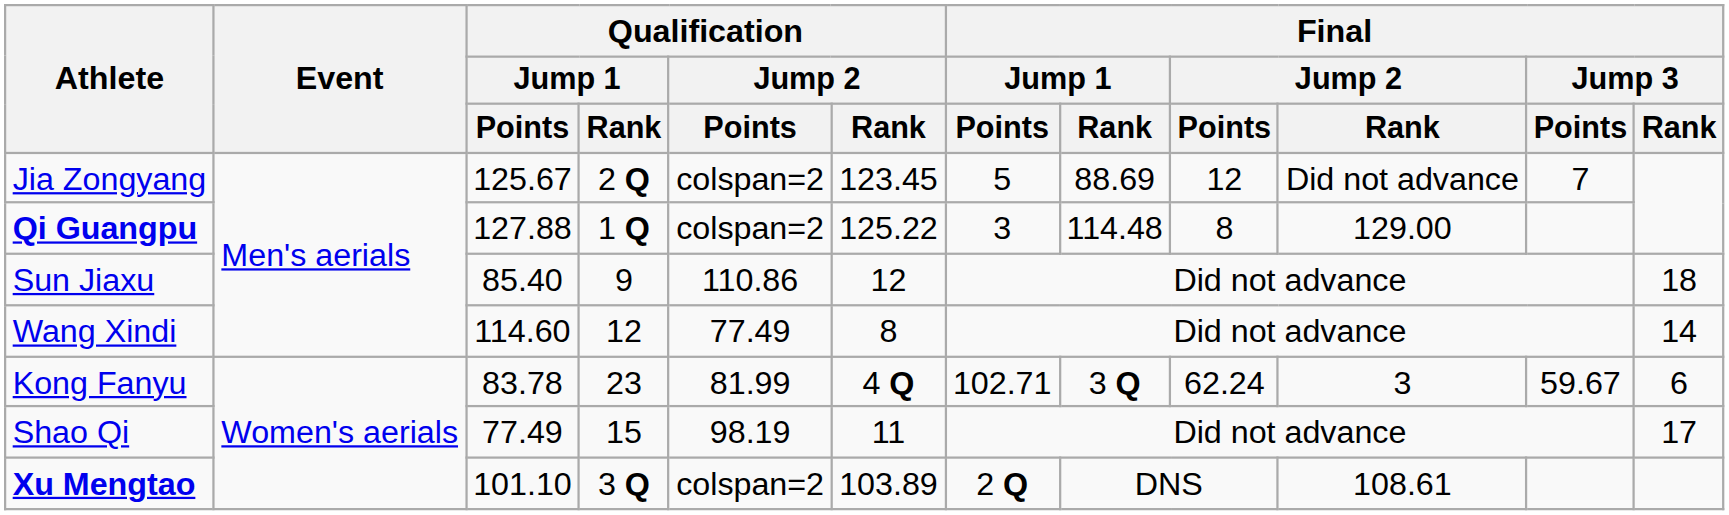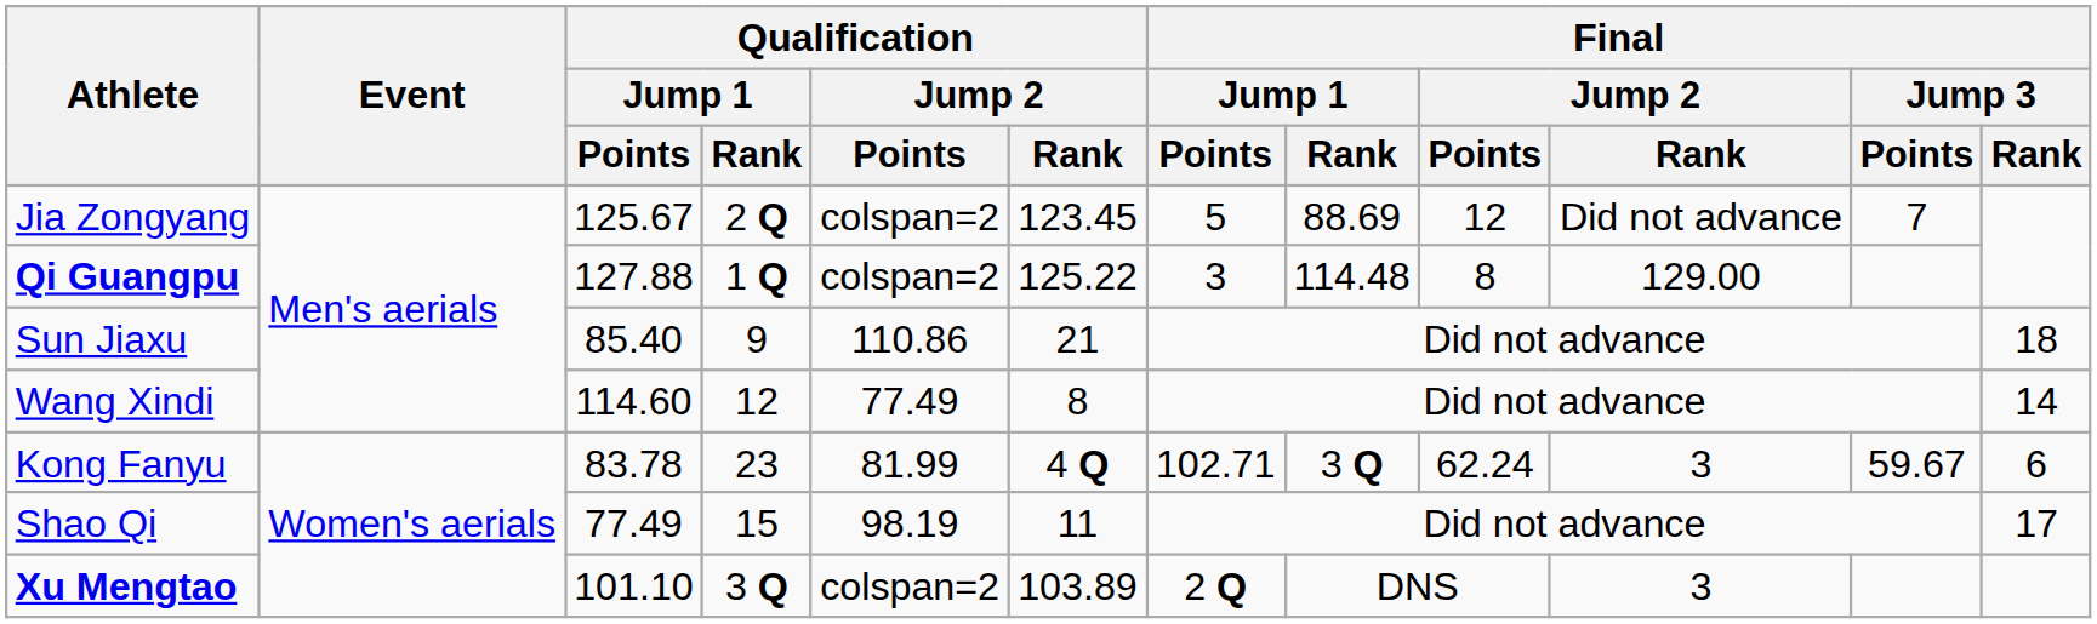 <table class="wikitable" style="font-size:90%">
 <tr>
 <th rowspan="3">Athlete</th>
 <th rowspan="3">Event</th>
 <th colspan=4>Qualification</th>
 <th colspan=6>Final</th>
 </tr>
 <tr style="font-size:95%">
 <th colspan=2>Jump 1</th>
 <th colspan=2>Jump 2</th>
 <th colspan=2>Jump 1</th>
 <th colspan=2>Jump 2</th>
 <th colspan=2>Jump 3</th>
 </tr>
 <tr style="font-size:95%">
 <th>Points</th>
 <th>Rank</th>
 <th>Points</th>
 <th>Rank</th>
 <th>Points</th>
 <th>Rank</th>
 <th>Points</th>
 <th>Rank</th>
 <th>Points</th>
 <th>Rank</th>
 </tr>
 <tr align=center>
 <td align=left><a href='#'>Jia Zongyang</a></td>
 <td align=left rowspan=4><a href='#'>Men's aerials</a></td>
 <td>125.67</td>
 <td>2 <strong>Q</strong></td>
 <td>colspan=2 </td>
 <td>123.45</td>
 <td>5</td>
 <td>88.69</td>
 <td>12</td>
 <td>Did not advance</td>
 <td>7</td>
 </tr>
 <tr align=center>
 <td align=left><strong><a href='#'>Qi Guangpu</a></strong></td>
 <td>127.88</td>
 <td>1 <strong>Q</strong></td>
 <td>colspan=2 </td>
 <td>125.22</td>
 <td>3</td>
 <td>114.48</td>
 <td>8</td>
 <td>129.00</td>
 <td></td>
 </tr>
 <tr align=center>
 <td align=left><a href='#'>Sun Jiaxu</a></td>
 <td>85.40</td>
 <td>9</td>
 <td>110.86</td>
-<td>12</td>
+<td>21</td>
 <td colspan=5>Did not advance</td>
 <td>18</td>
 </tr>
 <tr align=center>
 <td align=left><a href='#'>Wang Xindi</a></td>
 <td>114.60</td>
 <td>12</td>
 <td>77.49</td>
 <td>8</td>
 <td colspan=5>Did not advance</td>
 <td>14</td>
 </tr>
 <tr align=center>
 <td align=left><a href='#'>Kong Fanyu</a></td>
 <td align=left rowspan=3><a href='#'>Women's aerials</a></td>
 <td>83.78</td>
 <td>23</td>
 <td>81.99</td>
 <td>4 <strong>Q</strong></td>
 <td>102.71</td>
 <td>3 <strong>Q</strong></td>
 <td>62.24</td>
 <td>3</td>
 <td>59.67</td>
 <td>6</td>
 </tr>
 <tr align=center>
 <td align=left><a href='#'>Shao Qi</a></td>
 <td>77.49</td>
 <td>15</td>
 <td>98.19</td>
 <td>11</td>
 <td colspan=5>Did not advance</td>
 <td>17</td>
 </tr>
 <tr align=center>
 <td align=left><strong><a href='#'>Xu Mengtao</a></strong></td>
 <td>101.10</td>
 <td>3 <strong>Q</strong></td>
 <td>colspan=2 </td>
 <td>103.89</td>
 <td>2 <strong>Q</strong></td>
 <td colspan=2>DNS</td>
-<td>108.61</td>
+<td>3</td>
 <td></td>
 </tr>
 </table>
